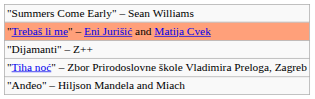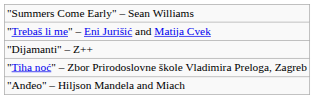 <table class="wikitable mw-collapsible mw-collapsed">
 <tr>
 <td>"Summers Come Early" – Sean Williams</td>
 </tr>
 <tr>
-<td style="background: lightsalmon;">"<a href='#'>Trebaš li me</a>" – <a href='#'>Eni Jurišić</a> and <a href='#'>Matija Cvek</a></td>
+<td>"<a href='#'>Trebaš li me</a>" – <a href='#'>Eni Jurišić</a> and <a href='#'>Matija Cvek</a></td>
 </tr>
 <tr>
 <td>"Dijamanti" – Z++</td>
 </tr>
 <tr>
 <td>"<a href='#'>Tiha noć</a>" – Zbor Prirodoslovne škole Vladimira Preloga, Zagreb</td>
 </tr>
 <tr>
 <td>"Anđeo" – Hiljson Mandela and Miach</td>
 </tr>
 </table>
